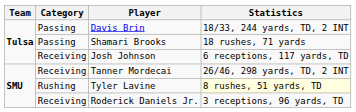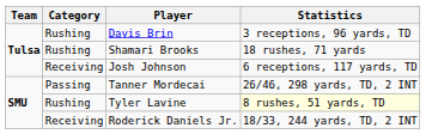 <table class="wikitable" style="float: left;">
 <tr>
 <th>Team</th>
 <th>Category</th>
 <th>Player</th>
 <th>Statistics</th>
 </tr>
 <tr>
 <td rowspan=3><strong>Tulsa</strong></td>
-<td>Passing</td>
+<td>Rushing</td>
 <td><a href='#'>Davis Brin</a></td>
-<td>18/33, 244 yards, TD, 2 INT</td>
+<td>3 receptions, 96 yards, TD</td>
 </tr>
 <tr>
-<td>Passing</td>
+<td>Rushing</td>
 <td>Shamari Brooks</td>
 <td>18 rushes, 71 yards</td>
 </tr>
 <tr>
 <td>Receiving</td>
 <td>Josh Johnson</td>
 <td>6 receptions, 117 yards, TD</td>
 </tr>
 <tr>
 <td rowspan=3><strong>SMU</strong></td>
-<td>Receiving</td>
+<td>Passing</td>
 <td>Tanner Mordecai</td>
 <td>26/46, 298 yards, TD, 2 INT</td>
 </tr>
 <tr>
 <td>Rushing</td>
 <td>Tyler Lavine</td>
 <td style="background: lightyellow;">8 rushes, 51 yards, TD</td>
 </tr>
 <tr>
 <td>Receiving</td>
 <td>Roderick Daniels Jr.</td>
-<td>3 receptions, 96 yards, TD</td>
+<td>18/33, 244 yards, TD, 2 INT</td>
 </tr>
 </table>
